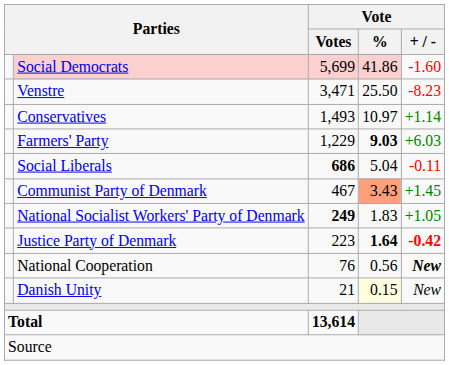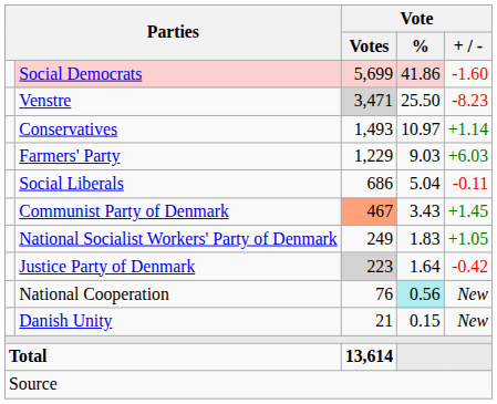 <table class="wikitable" style="text-align:right;">
 <tr>
 <th style="text-align:centre;" rowspan="2" colspan="2" width="225">Parties</th>
 <th colspan="3">Vote</th>
 </tr>
 <tr>
 <th width="15">Votes</th>
 <th width="15">%</th>
 <th width="15">+ / -</th>
 </tr>
 <tr>
 <td width="2" style="color:inherit;background:"></td>
 <td bgcolor=#fbd0ce  align="left"><a href='#'>Social Democrats</a></td>
 <td bgcolor=#fbd0ce>5,699</td>
 <td bgcolor=#fbd0ce>41.86</td>
 <td style=color:red;>-1.60</td>
 </tr>
 <tr>
 <td width="2" style="color:inherit;background:"></td>
 <td align="left"><a href='#'>Venstre</a></td>
-<td>3,471</td>
+<td style="background: lightgrey;">3,471</td>
 <td>25.50</td>
 <td style=color:red;>-8.23</td>
 </tr>
 <tr>
 <td width="2" style="color:inherit;background:"></td>
 <td align="left"><a href='#'>Conservatives</a></td>
 <td>1,493</td>
 <td>10.97</td>
 <td style=color:green;>+1.14</td>
 </tr>
 <tr>
 <td width="2" style="color:inherit;background:"></td>
 <td align="left"><a href='#'>Farmers' Party</a></td>
 <td>1,229</td>
-<td><strong>9.03</strong></td>
+<td>9.03</td>
 <td style=color:green;>+6.03</td>
 </tr>
 <tr>
 <td width="2" style="color:inherit;background:"></td>
 <td align="left"><a href='#'>Social Liberals</a></td>
-<td><strong>686</strong></td>
+<td>686</td>
 <td>5.04</td>
 <td style=color:red;>-0.11</td>
 </tr>
 <tr>
 <td width="2" style="color:inherit;background:"></td>
 <td align="left"><a href='#'>Communist Party of Denmark</a></td>
-<td>467</td>
-<td style="background: lightsalmon;">3.43</td>
+<td style="background: lightsalmon;">467</td>
+<td>3.43</td>
 <td style=color:green;>+1.45</td>
 </tr>
 <tr>
 <td width="2" style="color:inherit;background:"></td>
 <td align="left"><a href='#'>National Socialist Workers' Party of Denmark</a></td>
-<td><strong>249</strong></td>
+<td>249</td>
 <td>1.83</td>
 <td style=color:green;>+1.05</td>
 </tr>
 <tr>
 <td width="2" style="color:inherit;background:"></td>
 <td align="left"><a href='#'>Justice Party of Denmark</a></td>
-<td>223</td>
-<td><strong>1.64</strong></td>
-<td style=color:red;><strong>-0.42</strong></td>
+<td style="background: lightgrey;">223</td>
+<td>1.64</td>
+<td style=color:red;>-0.42</td>
 </tr>
 <tr>
 <td width="2" style="color:inherit;background:"></td>
 <td align="left">National Cooperation</td>
 <td>76</td>
-<td>0.56</td>
-<td><strong><em>New</em></strong></td>
+<td style="background: paleturquoise;">0.56</td>
+<td><em>New</em></td>
 </tr>
 <tr>
 <td width="2" style="color:inherit;background:"></td>
 <td align="left"><a href='#'>Danish Unity</a></td>
 <td>21</td>
-<td style="background: lightyellow;">0.15</td>
+<td>0.15</td>
 <td><em>New</em></td>
 </tr>
 <tr>
 <td colspan="7" bgcolor="#E9E9E9"></td>
 </tr>
 <tr>
 <td align="left" colspan="2"><strong>Total</strong></td>
 <td><strong>13,614</strong></td>
 <td bgcolor="#E9E9E9" colspan="2"></td>
 </tr>
 <tr>
 <td align="left" colspan="6">Source</td>
 </tr>
 </table>
